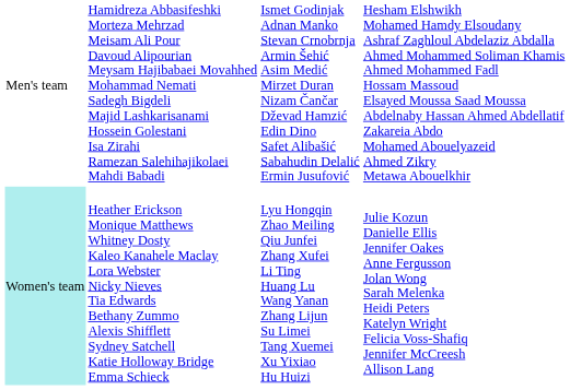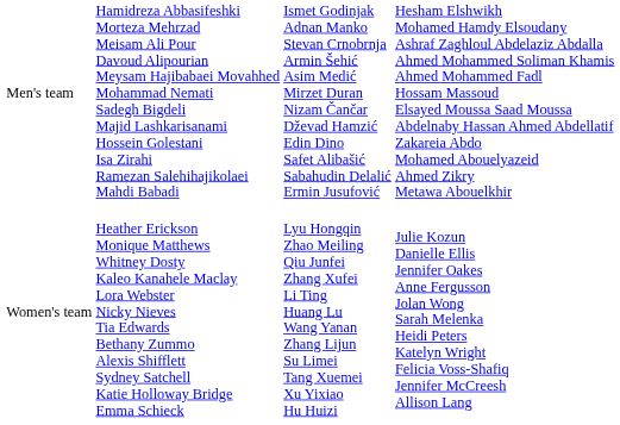 <table>
 <tr>
 <td>Men's team<br></td>
 <td><br><a href='#'>Hamidreza Abbasifeshki</a><br><a href='#'>Morteza Mehrzad</a><br><a href='#'>Meisam Ali Pour</a><br><a href='#'>Davoud Alipourian</a><br><a href='#'>Meysam Hajibabaei Movahhed</a><br><a href='#'>Mohammad Nemati</a><br><a href='#'>Sadegh Bigdeli</a><br><a href='#'>Majid Lashkarisanami</a><br><a href='#'>Hossein Golestani</a><br><a href='#'>Isa Zirahi</a><br><a href='#'>Ramezan Salehihajikolaei</a><br><a href='#'>Mahdi Babadi</a></td>
 <td><br><a href='#'>Ismet Godinjak</a><br><a href='#'>Adnan Manko</a><br><a href='#'>Stevan Crnobrnja</a><br><a href='#'>Armin Šehić</a><br><a href='#'>Asim Medić</a><br><a href='#'>Mirzet Duran</a><br><a href='#'>Nizam Čančar</a><br><a href='#'>Dževad Hamzić</a><br><a href='#'>Edin Dino</a><br><a href='#'>Safet Alibašić</a><br><a href='#'>Sabahudin Delalić</a><br><a href='#'>Ermin Jusufović</a></td>
 <td><br><a href='#'>Hesham Elshwikh</a><br><a href='#'>Mohamed Hamdy Elsoudany</a><br><a href='#'>Ashraf Zaghloul Abdelaziz Abdalla</a><br><a href='#'>Ahmed Mohammed Soliman Khamis</a><br><a href='#'>Ahmed Mohammed Fadl</a><br><a href='#'>Hossam Massoud</a><br><a href='#'>Elsayed Moussa Saad Moussa</a><br><a href='#'>Abdelnaby Hassan Ahmed Abdellatif</a><br><a href='#'>Zakareia Abdo</a><br><a href='#'>Mohamed Abouelyazeid</a><br><a href='#'>Ahmed Zikry</a><br><a href='#'>Metawa Abouelkhir</a></td>
 </tr>
 <tr>
-<td style="background: paleturquoise;">Women's team<br></td>
+<td>Women's team<br></td>
 <td><br><a href='#'>Heather Erickson</a><br><a href='#'>Monique Matthews</a><br><a href='#'>Whitney Dosty</a><br><a href='#'>Kaleo Kanahele Maclay</a><br><a href='#'>Lora Webster</a><br><a href='#'>Nicky Nieves</a><br><a href='#'>Tia Edwards</a><br><a href='#'>Bethany Zummo</a><br><a href='#'>Alexis Shifflett</a><br><a href='#'>Sydney Satchell</a><br><a href='#'>Katie Holloway Bridge</a><br><a href='#'>Emma Schieck</a></td>
 <td><br><a href='#'>Lyu Hongqin</a><br><a href='#'>Zhao Meiling</a><br><a href='#'>Qiu Junfei</a><br><a href='#'>Zhang Xufei</a><br><a href='#'>Li Ting</a><br><a href='#'>Huang Lu</a><br><a href='#'>Wang Yanan</a><br><a href='#'>Zhang Lijun</a><br><a href='#'>Su Limei</a><br><a href='#'>Tang Xuemei</a><br><a href='#'>Xu Yixiao</a><br><a href='#'>Hu Huizi</a></td>
 <td><br><a href='#'>Julie Kozun</a><br><a href='#'>Danielle Ellis</a><br><a href='#'>Jennifer Oakes</a><br><a href='#'>Anne Fergusson</a><br><a href='#'>Jolan Wong</a><br><a href='#'>Sarah Melenka</a><br><a href='#'>Heidi Peters</a><br><a href='#'>Katelyn Wright</a><br><a href='#'>Felicia Voss-Shafiq</a><br><a href='#'>Jennifer McCreesh</a><br><a href='#'>Allison Lang</a></td>
 </tr>
 </table>
